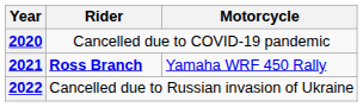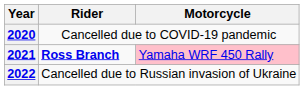 <table class="wikitable">
 <tr>
 <th>Year</th>
 <th>Rider</th>
 <th>Motorcycle</th>
 </tr>
 <tr>
 <th><a href='#'>2020</a></th>
 <td colspan=2 align=center>Cancelled due to COVID-19 pandemic</td>
 </tr>
 <tr>
 <th><a href='#'>2021</a></th>
 <td><strong> <a href='#'>Ross Branch</a></strong></td>
-<td><a href='#'>Yamaha WRF 450 Rally</a></td>
+<td style="background: pink;"><a href='#'>Yamaha WRF 450 Rally</a></td>
 </tr>
 <tr>
 <th><a href='#'>2022</a></th>
 <td colspan=3 align=center>Cancelled due to Russian invasion of Ukraine</td>
 </tr>
 </table>
